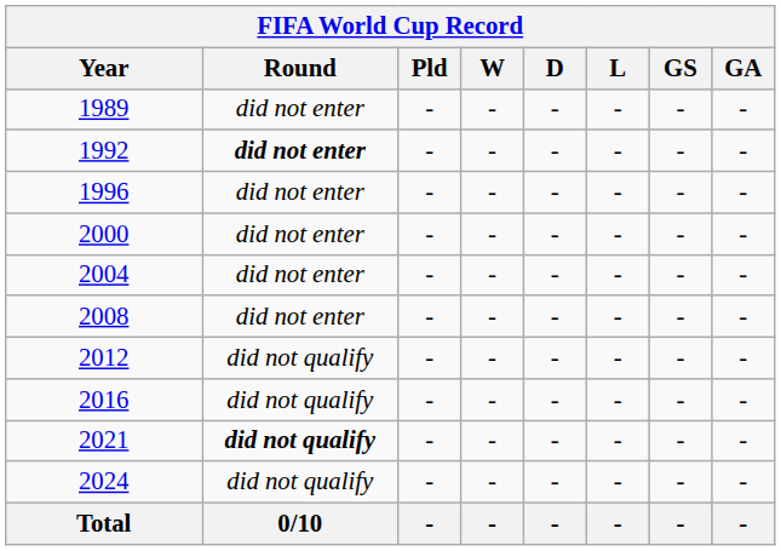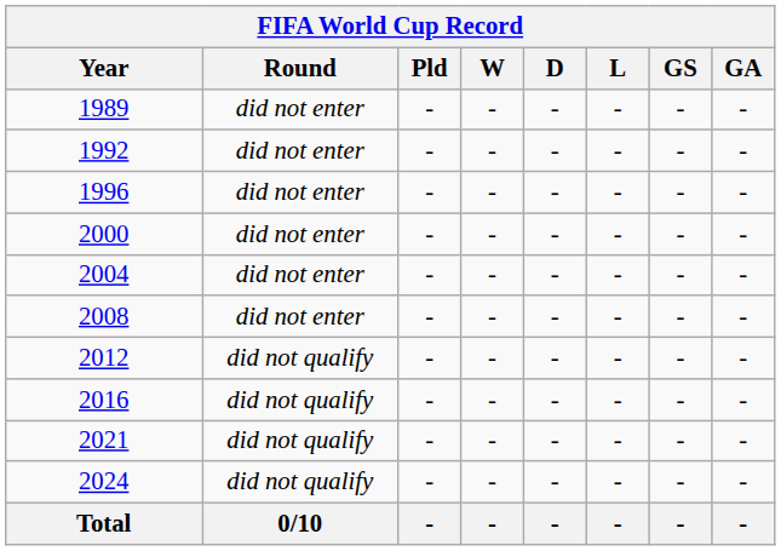 <table class="wikitable" width=50% style="text-align: center;font-size:90%;">
 <tr>
 <th colspan=9><a href='#'>FIFA World Cup Record</a></th>
 </tr>
 <tr>
 <th width=25%>Year</th>
 <th width=25%>Round</th>
 <th width=8%>Pld</th>
 <th width=8%>W</th>
 <th width=8%>D</th>
 <th width=8%>L</th>
 <th width=8%>GS</th>
 <th width=8%>GA</th>
 </tr>
 <tr>
 <td> <a href='#'>1989</a></td>
 <td><em>did not enter</em></td>
 <td>-</td>
 <td>-</td>
 <td>-</td>
 <td>-</td>
 <td>-</td>
 <td>-</td>
 </tr>
 <tr>
 <td> <a href='#'>1992</a></td>
-<td><strong><em>did not enter</em></strong></td>
+<td><em>did not enter</em></td>
 <td>-</td>
 <td>-</td>
 <td>-</td>
 <td>-</td>
 <td>-</td>
 <td>-</td>
 </tr>
 <tr>
 <td> <a href='#'>1996</a></td>
 <td><em>did not enter</em></td>
 <td>-</td>
 <td>-</td>
 <td>-</td>
 <td>-</td>
 <td>-</td>
 <td>-</td>
 </tr>
 <tr>
 <td> <a href='#'>2000</a></td>
 <td><em>did not enter</em></td>
 <td>-</td>
 <td>-</td>
 <td>-</td>
 <td>-</td>
 <td>-</td>
 <td>-</td>
 </tr>
 <tr>
 <td> <a href='#'>2004</a></td>
 <td><em>did not enter</em></td>
 <td>-</td>
 <td>-</td>
 <td>-</td>
 <td>-</td>
 <td>-</td>
 <td>-</td>
 </tr>
 <tr>
 <td> <a href='#'>2008</a></td>
 <td><em>did not enter</em></td>
 <td>-</td>
 <td>-</td>
 <td>-</td>
 <td>-</td>
 <td>-</td>
 <td>-</td>
 </tr>
 <tr>
 <td> <a href='#'>2012</a></td>
 <td><em>did not qualify</em></td>
 <td>-</td>
 <td>-</td>
 <td>-</td>
 <td>-</td>
 <td>-</td>
 <td>-</td>
 </tr>
 <tr>
 <td> <a href='#'>2016</a></td>
 <td><em>did not qualify</em></td>
 <td>-</td>
 <td>-</td>
 <td>-</td>
 <td>-</td>
 <td>-</td>
 <td>-</td>
 </tr>
 <tr>
 <td> <a href='#'>2021</a></td>
-<td><strong><em>did not qualify</em></strong></td>
+<td><em>did not qualify</em></td>
 <td>-</td>
 <td>-</td>
 <td>-</td>
 <td>-</td>
 <td>-</td>
 <td>-</td>
 </tr>
 <tr>
 <td> <a href='#'>2024</a></td>
 <td><em>did not qualify</em></td>
 <td>-</td>
 <td>-</td>
 <td>-</td>
 <td>-</td>
 <td>-</td>
 <td>-</td>
 </tr>
 <tr>
 <th><strong>Total</strong></th>
 <th>0/10</th>
 <th>-</th>
 <th>-</th>
 <th>-</th>
 <th>-</th>
 <th>-</th>
 <th>-</th>
 </tr>
 </table>
